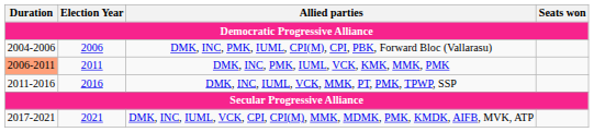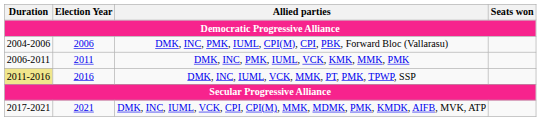 <table class="wikitable">
 <tr>
 <th>Duration</th>
 <th>Election Year</th>
 <th>Allied parties</th>
 <th>Seats won</th>
 </tr>
 <tr style="text-align:center;">
 <th colspan=4 style="text-align:center;vertical-align:middle;background-color:#f7238d;color:white;">Democratic Progressive Alliance</th>
 </tr>
 <tr style="text-align:center;">
 <td>2004-2006</td>
 <td><a href='#'>2006</a></td>
 <td><a href='#'>DMK</a>, <a href='#'>INC</a>, <a href='#'>PMK</a>, <a href='#'>IUML</a>, <a href='#'>CPI(M)</a>, <a href='#'>CPI</a>, <a href='#'>PBK</a>, Forward Bloc (Vallarasu)</td>
 <td></td>
 </tr>
 <tr style="text-align:center;">
-<td style="background: lightsalmon;">2006-2011</td>
+<td>2006-2011</td>
 <td><a href='#'>2011</a></td>
 <td><a href='#'>DMK</a>, <a href='#'>INC</a>, <a href='#'>PMK</a>, <a href='#'>IUML</a>, <a href='#'>VCK</a>, <a href='#'>KMK</a>, <a href='#'>MMK</a>, <a href='#'>PMK</a></td>
 <td></td>
 </tr>
 <tr style="text-align:center;">
-<td>2011-2016</td>
+<td style="background: khaki;">2011-2016</td>
 <td><a href='#'>2016</a></td>
 <td><a href='#'>DMK</a>, <a href='#'>INC</a>, <a href='#'>IUML</a>, <a href='#'>VCK</a>, <a href='#'>MMK</a>, <a href='#'>PT</a>, <a href='#'>PMK</a>, <a href='#'>TPWP</a>, SSP</td>
 <td></td>
 </tr>
 <tr style="text-align:center;">
 <th colspan=4 style="text-align:center;vertical-align:middle;background-color:#f7238d;color:white;">Secular Progressive Alliance</th>
 </tr>
 <tr style="text-align:center;">
 <td>2017-2021</td>
 <td><a href='#'>2021</a></td>
 <td><a href='#'>DMK</a>, <a href='#'>INC</a>, <a href='#'>IUML</a>, <a href='#'>VCK</a>, <a href='#'>CPI</a>, <a href='#'>CPI(M)</a>, <a href='#'>MMK</a>, <a href='#'>MDMK</a>, <a href='#'>PMK</a>, <a href='#'>KMDK</a>, <a href='#'>AIFB</a>, MVK, ATP</td>
 <td></td>
 </tr>
 </table>
